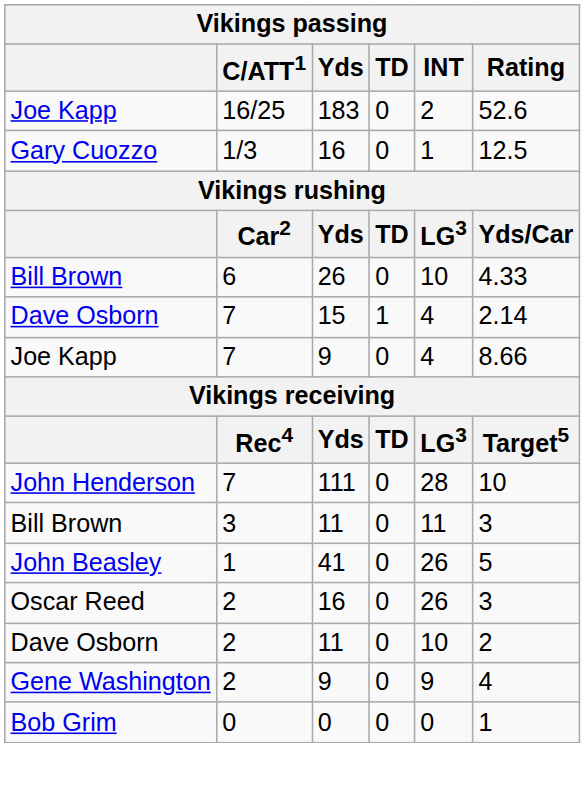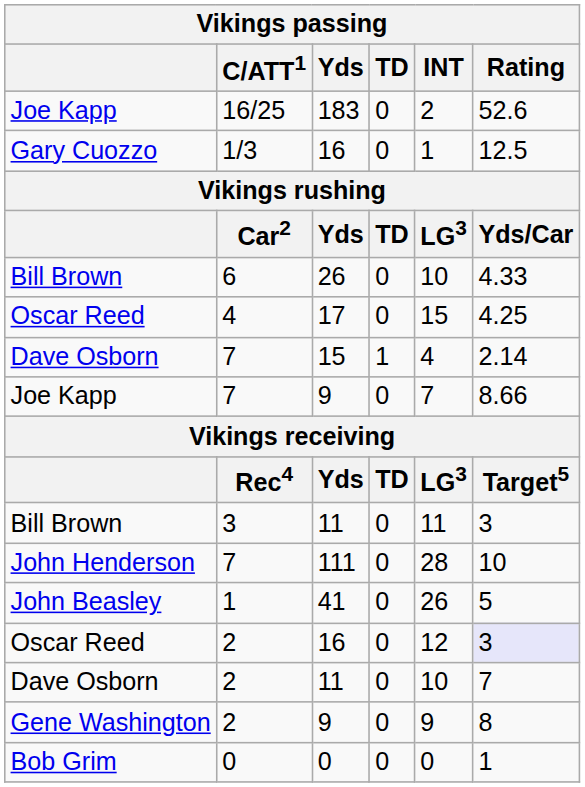 <table class="wikitable">
 <tr>
 <th colspan="6">Vikings passing</th>
 </tr>
 <tr>
 <th></th>
 <th>C/ATT<sup>1</sup></th>
 <th>Yds</th>
 <th>TD</th>
 <th>INT</th>
 <th>Rating</th>
 </tr>
 <tr>
 <td><a href='#'>Joe Kapp</a></td>
 <td>16/25</td>
 <td>183</td>
 <td>0</td>
 <td>2</td>
 <td>52.6</td>
 </tr>
 <tr>
 <td><a href='#'>Gary Cuozzo</a></td>
 <td>1/3</td>
 <td>16</td>
 <td>0</td>
 <td>1</td>
 <td>12.5</td>
 </tr>
 <tr>
 <th colspan="6">Vikings rushing</th>
 </tr>
 <tr>
 <th></th>
 <th>Car<sup>2</sup></th>
 <th>Yds</th>
 <th>TD</th>
 <th>LG<sup>3</sup></th>
 <th>Yds/Car</th>
 </tr>
 <tr>
 <td><a href='#'>Bill Brown</a></td>
 <td>6</td>
 <td>26</td>
 <td>0</td>
 <td>10</td>
 <td>4.33</td>
 </tr>
 <tr>
+<td><a href='#'>Oscar Reed</a></td>
+<td>4</td>
+<td>17</td>
+<td>0</td>
+<td>15</td>
+<td>4.25</td>
+</tr>
+<tr>
 <td><a href='#'>Dave Osborn</a></td>
 <td>7</td>
 <td>15</td>
 <td>1</td>
 <td>4</td>
 <td>2.14</td>
 </tr>
 <tr>
 <td>Joe Kapp</td>
 <td>7</td>
 <td>9</td>
 <td>0</td>
-<td>4</td>
+<td>7</td>
 <td>8.66</td>
 </tr>
 <tr>
 <th colspan="6">Vikings receiving</th>
 </tr>
 <tr>
 <th></th>
 <th>Rec<sup>4</sup></th>
 <th>Yds</th>
 <th>TD</th>
 <th>LG<sup>3</sup></th>
 <th>Target<sup>5</sup></th>
 </tr>
 <tr>
+<td>Bill Brown</td>
+<td>3</td>
+<td>11</td>
+<td>0</td>
+<td>11</td>
+<td>3</td>
+</tr>
+<tr>
 <td><a href='#'>John Henderson</a></td>
 <td>7</td>
 <td>111</td>
 <td>0</td>
 <td>28</td>
 <td>10</td>
-</tr>
-<tr>
-<td>Bill Brown</td>
-<td>3</td>
-<td>11</td>
-<td>0</td>
-<td>11</td>
-<td>3</td>
 </tr>
 <tr>
 <td><a href='#'>John Beasley</a></td>
 <td>1</td>
 <td>41</td>
 <td>0</td>
 <td>26</td>
 <td>5</td>
 </tr>
 <tr>
 <td>Oscar Reed</td>
 <td>2</td>
 <td>16</td>
 <td>0</td>
-<td>26</td>
-<td>3</td>
+<td>12</td>
+<td style="background: lavender;">3</td>
 </tr>
 <tr>
 <td>Dave Osborn</td>
 <td>2</td>
 <td>11</td>
 <td>0</td>
 <td>10</td>
-<td>2</td>
+<td>7</td>
 </tr>
 <tr>
 <td><a href='#'>Gene Washington</a></td>
 <td>2</td>
 <td>9</td>
 <td>0</td>
 <td>9</td>
-<td>4</td>
+<td>8</td>
 </tr>
 <tr>
 <td><a href='#'>Bob Grim</a></td>
 <td>0</td>
 <td>0</td>
 <td>0</td>
 <td>0</td>
 <td>1</td>
 </tr>
 </table>
